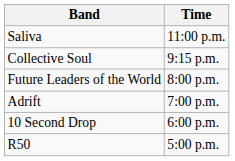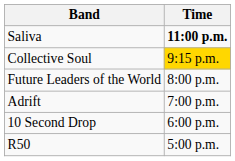 <table class="wikitable">
 <tr>
 <th>Band</th>
 <th>Time</th>
 </tr>
 <tr>
 <td>Saliva</td>
-<td>11:00 p.m.</td>
+<td><strong>11:00 p.m.</strong></td>
 </tr>
 <tr>
 <td>Collective Soul</td>
-<td>9:15 p.m.</td>
+<td style="background: gold;">9:15 p.m.</td>
 </tr>
 <tr>
 <td>Future Leaders of the World</td>
 <td>8:00 p.m.</td>
 </tr>
 <tr>
 <td>Adrift</td>
 <td>7:00 p.m.</td>
 </tr>
 <tr>
 <td>10 Second Drop</td>
 <td>6:00 p.m.</td>
 </tr>
 <tr>
 <td>R50</td>
 <td>5:00 p.m.</td>
 </tr>
 </table>
